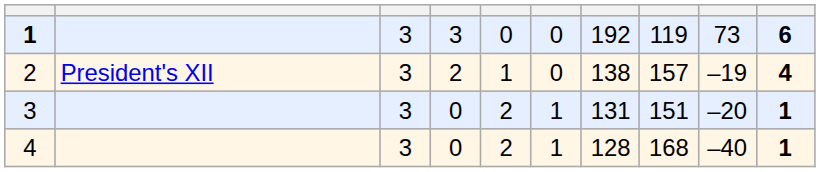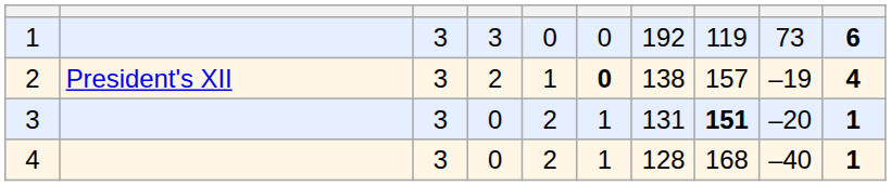 <table class="wikitable" style="text-align:center; font-size:95%">
 <tr>
 <th width="25"></th>
 <th width="200"></th>
 <th width="25"></th>
 <th width="25"></th>
 <th width="25"></th>
 <th width="25"></th>
 <th width="30"></th>
 <th width="30"></th>
 <th width="30"></th>
 <th width="30"></th>
 </tr>
 <tr style="background:#e6efff">
-<td><strong>1</strong></td>
+<td>1</td>
 <td style="text-align:left"></td>
 <td>3</td>
 <td>3</td>
 <td>0</td>
 <td>0</td>
 <td>192</td>
 <td>119</td>
 <td>73</td>
 <td><strong>6</strong></td>
 </tr>
 <tr style="background:#fff6e6">
 <td>2</td>
 <td style="text-align:left"> <a href='#'>President's XII</a> <em></em></td>
 <td>3</td>
 <td>2</td>
 <td>1</td>
-<td>0</td>
+<td><strong>0</strong></td>
 <td>138</td>
 <td>157</td>
 <td>–19</td>
 <td><strong>4</strong></td>
 </tr>
 <tr style="background:#e6efff">
 <td>3</td>
 <td style="text-align:left"> <em></em></td>
 <td>3</td>
 <td>0</td>
 <td>2</td>
 <td>1</td>
 <td>131</td>
-<td>151</td>
+<td><strong>151</strong></td>
 <td>–20</td>
 <td><strong>1</strong></td>
 </tr>
 <tr style="background:#fff6e6">
 <td>4</td>
 <td style="text-align:left"></td>
 <td>3</td>
 <td>0</td>
 <td>2</td>
 <td>1</td>
 <td>128</td>
 <td>168</td>
 <td>–40</td>
 <td><strong>1</strong></td>
 </tr>
 </table>
